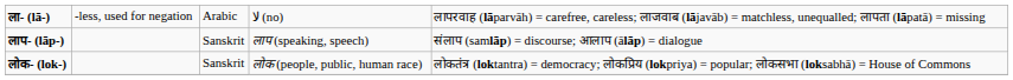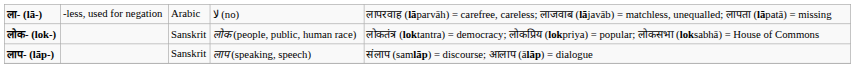 <table class="wikitable sortable" width="100%">
 <tr>
 <td><strong>ला- (lā-)</strong></td>
 <td>-less, used for negation</td>
 <td>Arabic</td>
 <td>لا (no)</td>
 <td>लापरवाह (<strong>lā</strong>parvāh) = carefree, careless; लाजवाब (<strong>lā</strong>javāb) = matchless, unequalled; लापता (<strong>lā</strong>patā) = missing</td>
 </tr>
 <tr>
+<td><strong>लोक- (lok-)</strong></td>
+<td></td>
+<td>Sanskrit</td>
+<td><em>लोक</em> (people, public, human race)</td>
+<td>लोकतंत्र (<strong>lok</strong>tantra) = democracy; लोकप्रिय (<strong>lok</strong>priya) = popular; लोकसभा (<strong>lok</strong>sabhā) = House of Commons</td>
+</tr>
+<tr>
 <td><strong>लाप- (lāp-)</strong></td>
 <td></td>
 <td>Sanskrit</td>
 <td><em>लाप</em> (speaking, speech)</td>
 <td>संलाप (sam<strong>lāp</strong>) = discourse; आलाप (ā<strong>lāp</strong>) = dialogue</td>
 </tr>
 <tr>
-<td><strong>लोक- (lok-)</strong></td>
-<td></td>
-<td>Sanskrit</td>
-<td><em>लोक</em> (people, public, human race)</td>
-<td>लोकतंत्र (<strong>lok</strong>tantra) = democracy; लोकप्रिय (<strong>lok</strong>priya) = popular; लोकसभा (<strong>lok</strong>sabhā) = House of Commons</td>
-</tr>
-<tr>
 </tr>
 </table>
